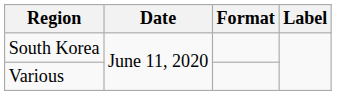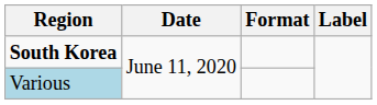 <table class = "wikitable plainrowheaders">
 <tr>
 <th>Region</th>
 <th>Date</th>
 <th>Format</th>
 <th>Label</th>
 </tr>
 <tr>
-<td>South Korea</td>
+<td><strong>South Korea</strong></td>
 <td rowspan="2">June 11, 2020</td>
 <td></td>
 <td rowspan="2"></td>
 </tr>
 <tr>
-<td>Various</td>
+<td style="background: lightblue;">Various</td>
 <td></td>
 </tr>
 </table>
